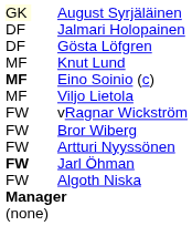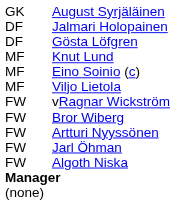 <table cellspacing="0" cellpadding="0" style="font-size:90%; margin:0.2em auto;">
 <tr>
 <th width="25"></th>
 <th width="25"></th>
 </tr>
 <tr>
-<td style="background: lightyellow;">GK</td>
+<td>GK</td>
 <td></td>
 <td><a href='#'>August Syrjäläinen</a></td>
 </tr>
 <tr>
 <td>DF</td>
 <td></td>
 <td><a href='#'>Jalmari Holopainen</a></td>
 </tr>
 <tr>
 <td>DF</td>
 <td></td>
 <td><a href='#'>Gösta Löfgren</a></td>
 </tr>
 <tr>
 <td>MF</td>
 <td></td>
 <td><a href='#'>Knut Lund</a></td>
 </tr>
 <tr>
-<td><strong>MF</strong></td>
+<td>MF</td>
 <td></td>
 <td><a href='#'>Eino Soinio</a> (<a href='#'>c</a>)</td>
 </tr>
 <tr>
 <td>MF</td>
 <td></td>
 <td><a href='#'>Viljo Lietola</a></td>
 </tr>
 <tr>
 <td>FW</td>
 <td></td>
 <td>v<a href='#'>Ragnar Wickström</a></td>
 </tr>
 <tr>
 <td>FW</td>
 <td></td>
 <td><a href='#'>Bror Wiberg</a></td>
 </tr>
 <tr>
 <td>FW</td>
 <td></td>
 <td><a href='#'>Artturi Nyyssönen</a></td>
 </tr>
 <tr>
-<td><strong>FW</strong></td>
+<td>FW</td>
 <td></td>
 <td><a href='#'>Jarl Öhman</a></td>
 </tr>
 <tr>
 <td>FW</td>
 <td></td>
 <td><a href='#'>Algoth Niska</a></td>
 </tr>
 <tr>
 <td colspan=3><strong>Manager</strong></td>
 </tr>
 <tr>
 <td colspan=4>(none)</td>
 </tr>
 </table>
